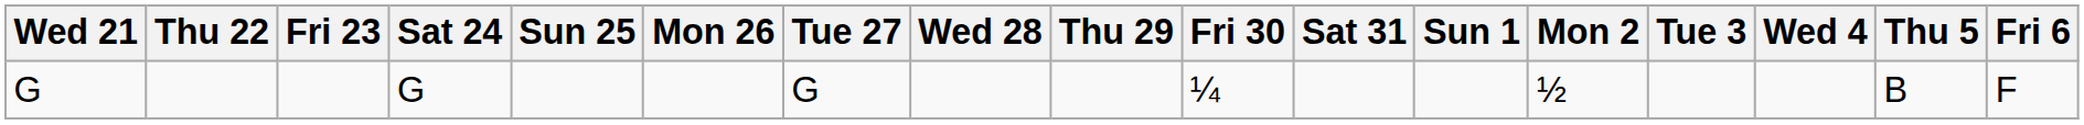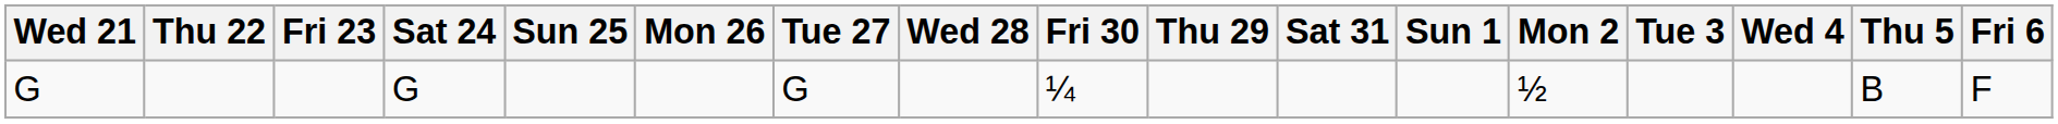 <table class="wikitable olympic-schedule football">
 <tr>
 <th>Wed 21</th>
 <th>Thu 22</th>
 <th>Fri 23</th>
 <th>Sat 24</th>
 <th>Sun 25</th>
 <th>Mon 26</th>
 <th>Tue 27</th>
 <th>Wed 28</th>
+<th>Fri 30</th>
 <th>Thu 29</th>
-<th>Fri 30</th>
 <th>Sat 31</th>
 <th>Sun 1</th>
 <th>Mon 2</th>
 <th>Tue 3</th>
 <th>Wed 4</th>
 <th>Thu 5</th>
 <th>Fri 6</th>
 </tr>
 <tr>
 <td class="team-group">G</td>
 <td></td>
 <td></td>
 <td class="team-group">G</td>
 <td></td>
 <td></td>
 <td class="team-group">G</td>
 <td></td>
+<td class="team-qf">¼</td>
 <td></td>
-<td class="team-qf">¼</td>
 <td></td>
 <td></td>
 <td class="team-sf">½</td>
 <td></td>
 <td></td>
 <td class="team-bronze">B</td>
 <td class="team-final">F</td>
 </tr>
 </table>
